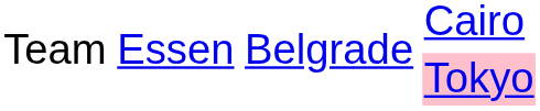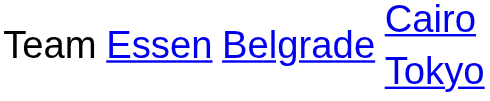 <table>
 <tr>
 <td rowspan=2>Team<br></td>
 <td rowspan=2><a href='#'>Essen</a></td>
 <td rowspan=2><a href='#'>Belgrade</a></td>
 <td><a href='#'>Cairo</a></td>
 </tr>
 <tr>
-<td style="background: pink;"><a href='#'>Tokyo</a></td>
+<td><a href='#'>Tokyo</a></td>
 </tr>
 <tr>
 </tr>
 </table>
